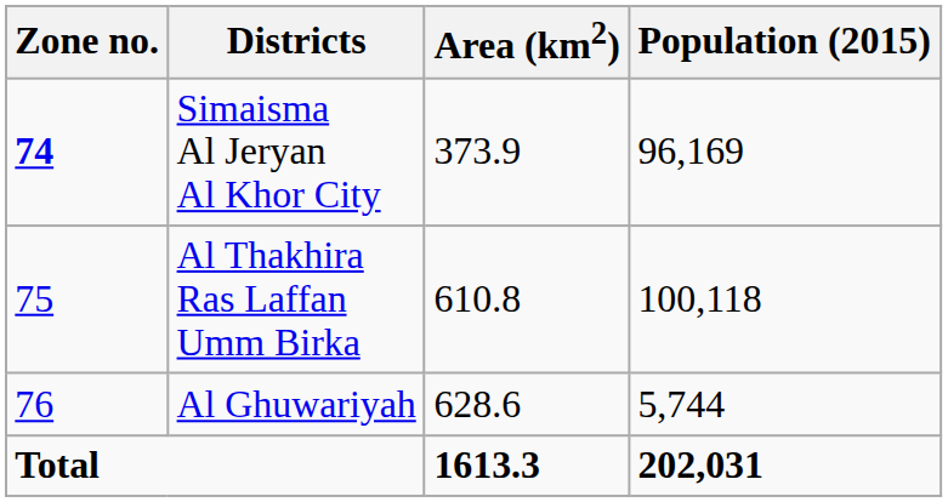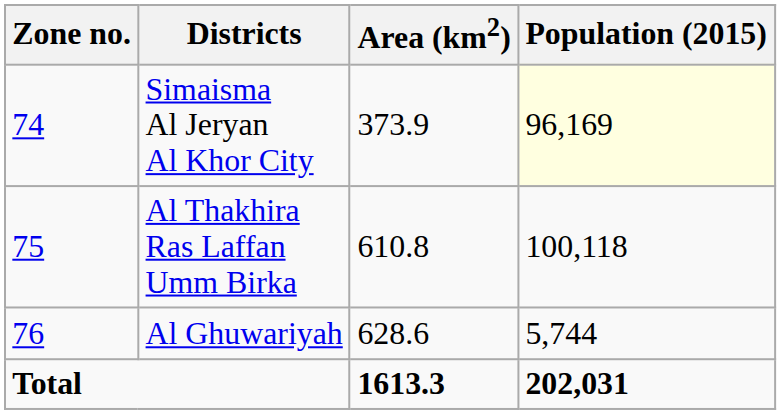 <table class="wikitable">
 <tr>
 <th>Zone no.</th>
 <th>Districts</th>
 <th>Area (km<sup>2</sup>)</th>
 <th>Population (2015)</th>
 </tr>
 <tr>
-<td><strong><a href='#'>74</a></strong></td>
+<td><a href='#'>74</a></td>
 <td><a href='#'>Simaisma</a> <br> Al Jeryan <br> <a href='#'>Al Khor City</a></td>
 <td>373.9</td>
-<td>96,169</td>
+<td style="background: lightyellow;">96,169</td>
 </tr>
 <tr>
 <td><a href='#'>75</a></td>
 <td><a href='#'>Al Thakhira</a> <br> <a href='#'>Ras Laffan</a> <br> <a href='#'>Umm Birka</a></td>
 <td>610.8</td>
 <td>100,118</td>
 </tr>
 <tr>
 <td><a href='#'>76</a></td>
 <td><a href='#'>Al Ghuwariyah</a></td>
 <td>628.6</td>
 <td>5,744</td>
 </tr>
 <tr>
 <td colspan="2"><strong>Total</strong></td>
 <td><strong>1613.3</strong></td>
 <td><strong>202,031</strong></td>
 </tr>
 </table>
